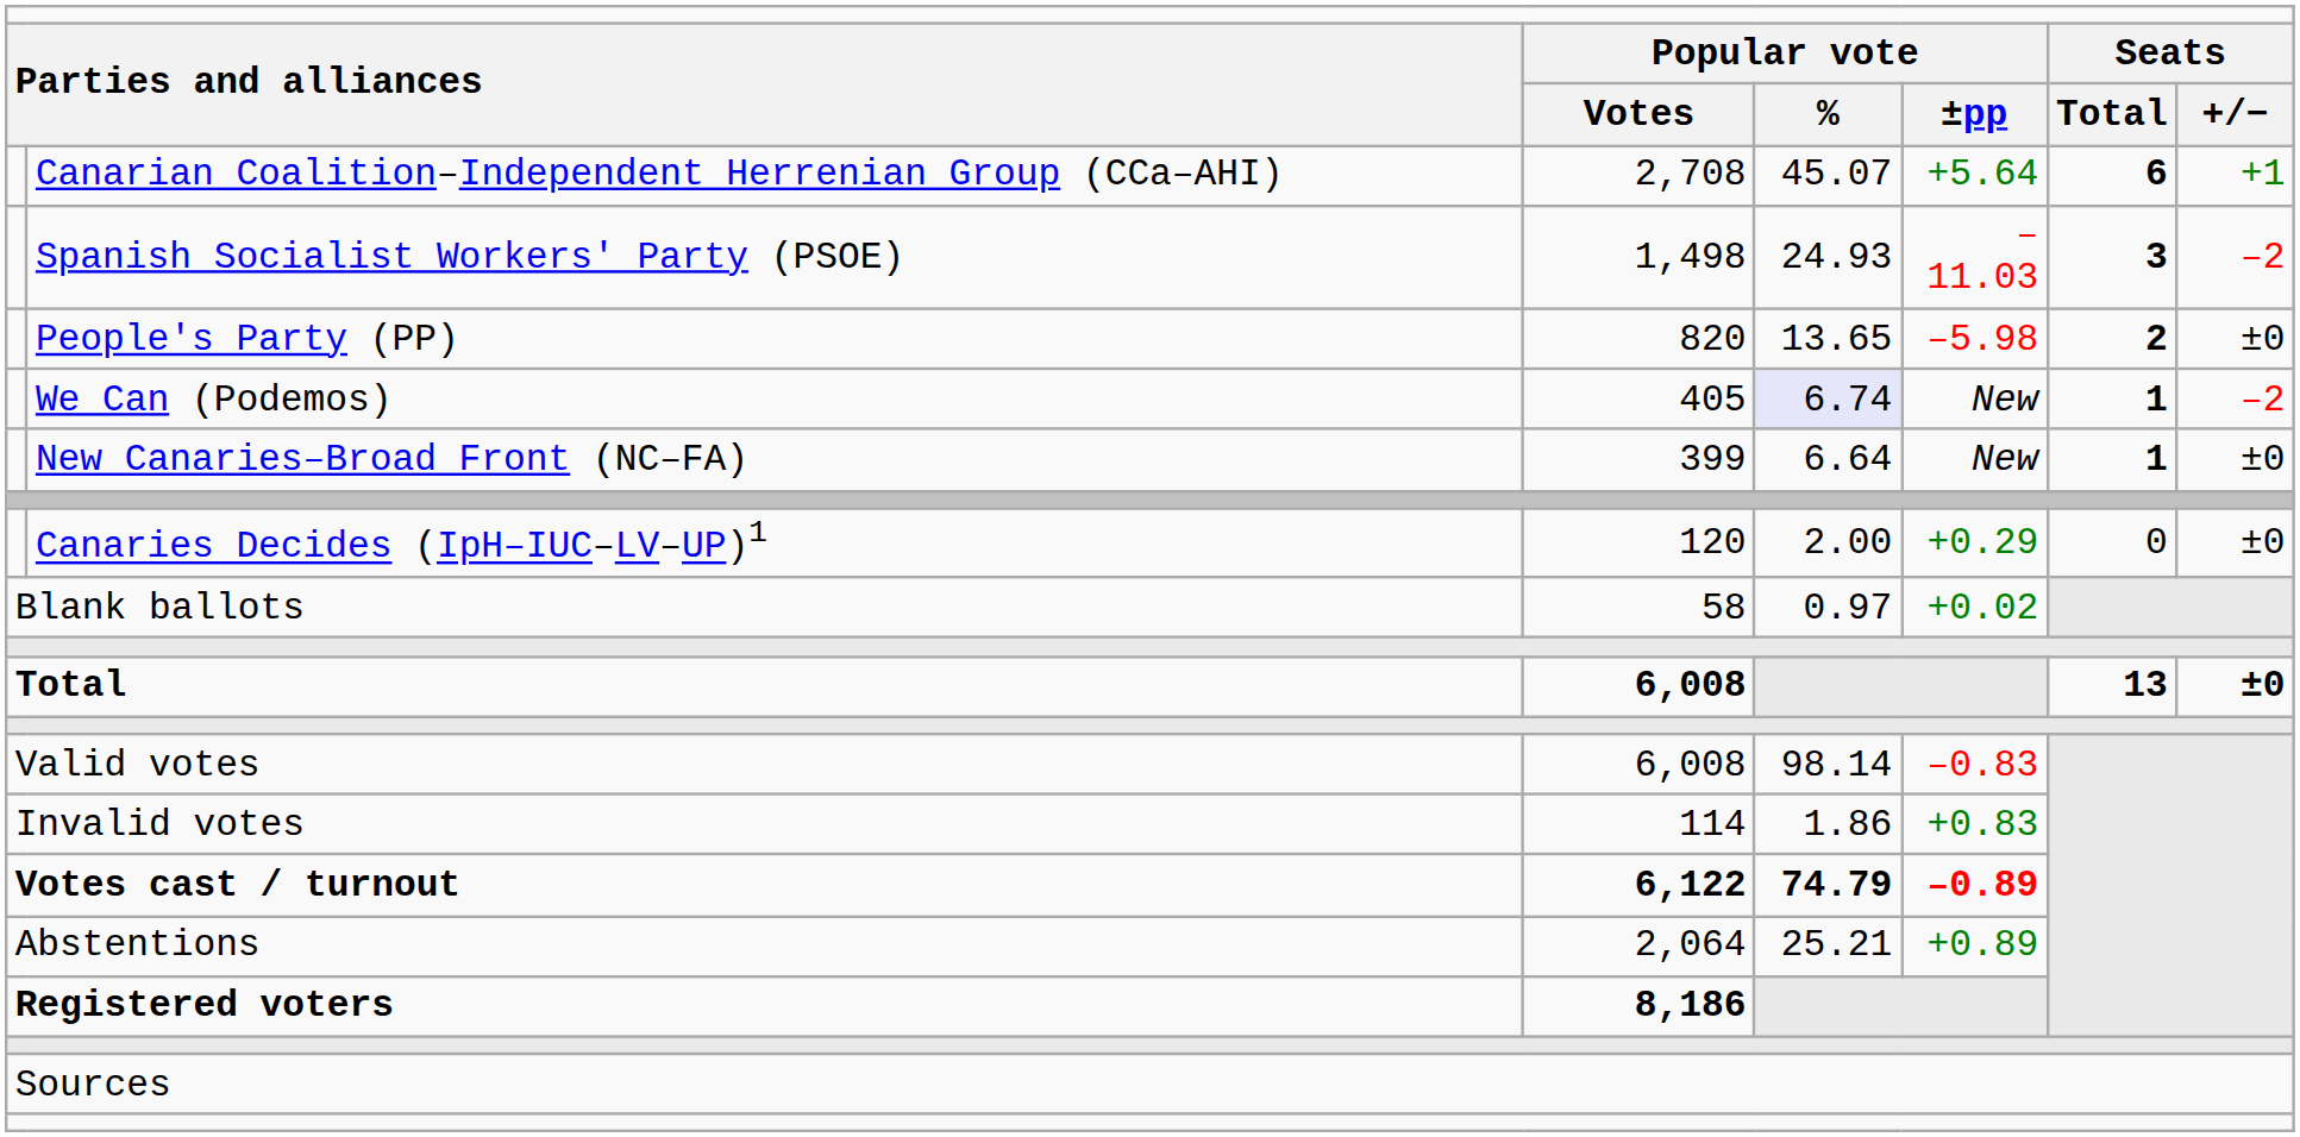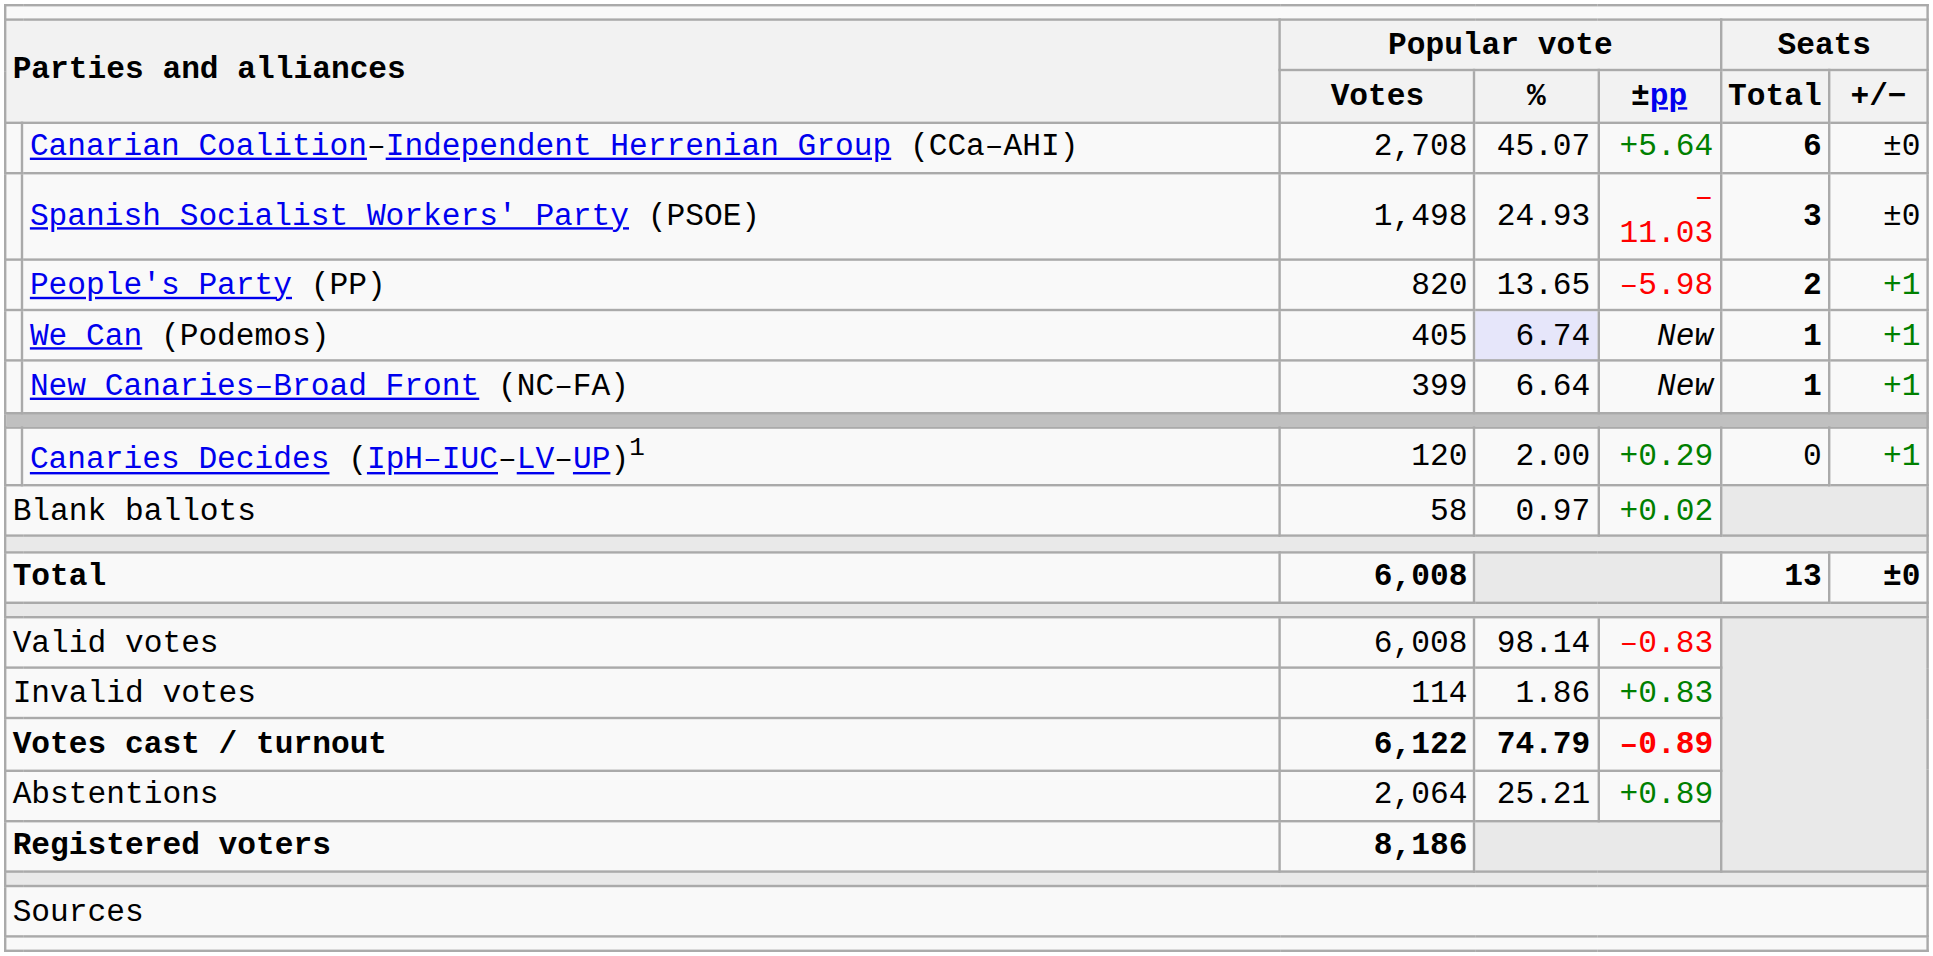 <table class="wikitable" style="text-align:right;">
 <tr>
 <td colspan="7"></td>
 </tr>
 <tr>
 <th style="text-align:left;" rowspan="2" colspan="2" width="525">Parties and alliances</th>
 <th colspan="3">Popular vote</th>
 <th colspan="2">Seats</th>
 </tr>
 <tr>
 <th width="75">Votes</th>
 <th width="45">%</th>
 <th width="45">±<a href='#'>pp</a></th>
 <th width="35">Total</th>
 <th width="35">+/−</th>
 </tr>
 <tr>
 <td width="1" style="color:inherit;background:"></td>
 <td align="left"><a href='#'>Canarian Coalition</a>–<a href='#'>Independent Herrenian Group</a> (CCa–AHI)</td>
 <td>2,708</td>
 <td>45.07</td>
 <td style="color:green;">+5.64</td>
 <td><strong>6</strong></td>
-<td style="color:green;">+1</td>
+<td>±0</td>
 </tr>
 <tr>
 <td style="color:inherit;background:"></td>
 <td align="left"><a href='#'>Spanish Socialist Workers' Party</a> (PSOE)</td>
 <td>1,498</td>
 <td>24.93</td>
 <td style="color:red;">–11.03</td>
 <td><strong>3</strong></td>
-<td style="color:red;">–2</td>
+<td>±0</td>
 </tr>
 <tr>
 <td style="color:inherit;background:"></td>
 <td align="left"><a href='#'>People's Party</a> (PP)</td>
 <td>820</td>
 <td>13.65</td>
 <td style="color:red;">–5.98</td>
 <td><strong>2</strong></td>
-<td>±0</td>
+<td style="color:green;">+1</td>
 </tr>
 <tr>
 <td style="color:inherit;background:"></td>
 <td align="left"><a href='#'>We Can</a> (Podemos)</td>
 <td>405</td>
 <td style="background: lavender;">6.74</td>
 <td><em>New</em></td>
 <td><strong>1</strong></td>
-<td style="color:red;">–2</td>
+<td style="color:green;">+1</td>
 </tr>
 <tr>
 <td style="color:inherit;background:"></td>
 <td align="left"><a href='#'>New Canaries–Broad Front</a> (NC–FA)</td>
 <td>399</td>
 <td>6.64</td>
 <td><em>New</em></td>
 <td><strong>1</strong></td>
-<td>±0</td>
+<td style="color:green;">+1</td>
 </tr>
 <tr>
 <td colspan="7" bgcolor="#C0C0C0"></td>
 </tr>
 <tr>
 <td style="color:inherit;background:"></td>
 <td align="left"><a href='#'>Canaries Decides</a> (<a href='#'>IpH–IUC</a>–<a href='#'>LV</a>–<a href='#'>UP</a>)<sup>1</sup></td>
 <td>120</td>
 <td>2.00</td>
 <td style="color:green;">+0.29</td>
 <td>0</td>
-<td>±0</td>
+<td style="color:green;">+1</td>
 </tr>
 <tr>
 <td align="left" colspan="2">Blank ballots</td>
 <td>58</td>
 <td>0.97</td>
 <td style="color:green;">+0.02</td>
 <td bgcolor="#E9E9E9" colspan="2"></td>
 </tr>
 <tr>
 <td colspan="7" bgcolor="#E9E9E9"></td>
 </tr>
 <tr style="font-weight:bold;">
 <td align="left" colspan="2">Total</td>
 <td>6,008</td>
 <td bgcolor="#E9E9E9" colspan="2"></td>
 <td>13</td>
 <td>±0</td>
 </tr>
 <tr>
 <td colspan="7" bgcolor="#E9E9E9"></td>
 </tr>
 <tr>
 <td align="left" colspan="2">Valid votes</td>
 <td>6,008</td>
 <td>98.14</td>
 <td style="color:red;">–0.83</td>
 <td bgcolor="#E9E9E9" colspan="2" rowspan="5"></td>
 </tr>
 <tr>
 <td align="left" colspan="2">Invalid votes</td>
 <td>114</td>
 <td>1.86</td>
 <td style="color:green;">+0.83</td>
 </tr>
 <tr style="font-weight:bold;">
 <td align="left" colspan="2">Votes cast / turnout</td>
 <td>6,122</td>
 <td>74.79</td>
 <td style="color:red;">–0.89</td>
 </tr>
 <tr>
 <td align="left" colspan="2">Abstentions</td>
 <td>2,064</td>
 <td>25.21</td>
 <td style="color:green;">+0.89</td>
 </tr>
 <tr style="font-weight:bold;">
 <td align="left" colspan="2">Registered voters</td>
 <td>8,186</td>
 <td bgcolor="#E9E9E9" colspan="2"></td>
 </tr>
 <tr>
 <td colspan="7" bgcolor="#E9E9E9"></td>
 </tr>
 <tr>
 <td align="left" colspan="7">Sources</td>
 </tr>
 <tr>
 <td colspan="7" style="text-align:left; max-width:790px;"></td>
 </tr>
 </table>
